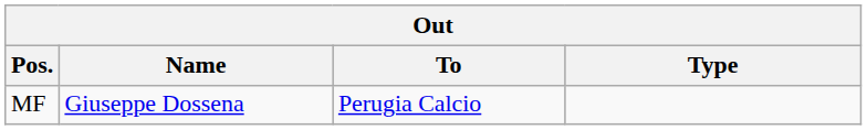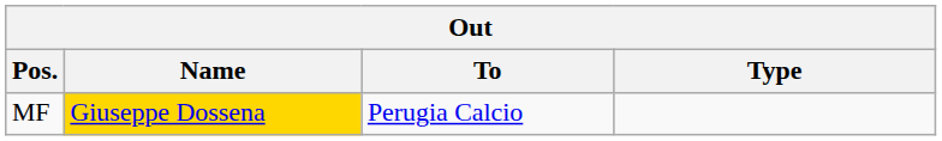 <table class="wikitable" style="font-size:90%;width:510px;">
 <tr>
 <th colspan="4">Out</th>
 </tr>
 <tr>
 <th width=3%>Pos.</th>
 <th width=33%>Name</th>
 <th width=28%>To</th>
 <th width=36%>Type</th>
 </tr>
 <tr>
 <td>MF</td>
-<td><a href='#'>Giuseppe Dossena</a></td>
+<td style="background: gold;"><a href='#'>Giuseppe Dossena</a></td>
 <td><a href='#'>Perugia Calcio</a></td>
 <td></td>
 </tr>
 </table>
